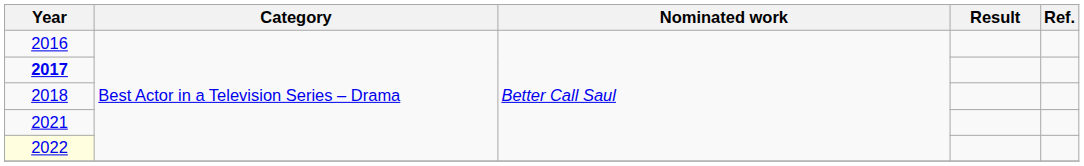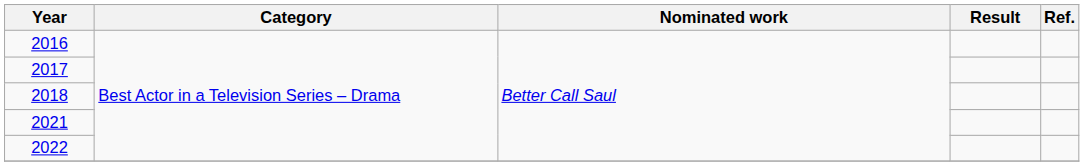 <table class=wikitable>
 <tr>
 <th scope="col" style="width:5em;">Year</th>
 <th scope="col" style="width:24em;">Category</th>
 <th scope="col" style="width:27em;">Nominated work</th>
 <th scope="col" style="width:5em;">Result</th>
 <th>Ref.</th>
 </tr>
 <tr>
 <td style="text-align:center;"><a href='#'>2016</a></td>
 <td rowspan="5"><a href='#'>Best Actor in a Television Series – Drama</a></td>
 <td rowspan="5"><em><a href='#'>Better Call Saul</a></em></td>
 <td></td>
 <td style="text-align:center;"></td>
 </tr>
 <tr>
-<td style="text-align:center;"><strong><a href='#'>2017</a></strong></td>
+<td style="text-align:center;"><a href='#'>2017</a></td>
 <td></td>
 <td></td>
 </tr>
 <tr>
 <td style="text-align:center;"><a href='#'>2018</a></td>
 <td></td>
 <td></td>
 </tr>
 <tr>
 <td style="text-align:center;"><a href='#'>2021</a></td>
 <td></td>
 <td></td>
 </tr>
 <tr>
-<td style="background: lightyellow; text-align:center;"><a href='#'>2022</a></td>
+<td style="text-align:center;"><a href='#'>2022</a></td>
 <td></td>
 <td></td>
 </tr>
 <tr>
 </tr>
 </table>
